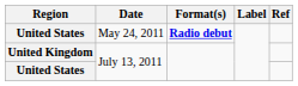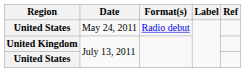 <table class="wikitable plainrowheaders">
 <tr>
 <th scope="col">Region</th>
 <th scope="col">Date</th>
 <th scope="col">Format(s)</th>
 <th scope="col">Label</th>
 <th scope="col">Ref</th>
 </tr>
 <tr>
 <th scope="row">United States</th>
 <td>May 24, 2011</td>
-<td><strong><a href='#'>Radio debut</a></strong></td>
+<td><a href='#'>Radio debut</a></td>
 <td rowspan="3"></td>
 <td></td>
 </tr>
 <tr>
 <th scope="row">United Kingdom</th>
 <td rowspan="2">July 13, 2011</td>
 <td rowspan="2"></td>
 <td></td>
 </tr>
 <tr>
 <th scope="row">United States</th>
 <td></td>
 </tr>
 </table>
